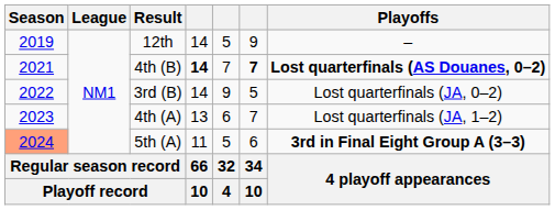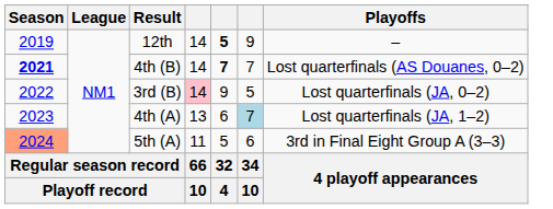 <table class="wikitable" style="text-align:center; font-size:95%;">
 <tr>
 <th>Season</th>
 <th>League</th>
 <th>Result</th>
 <th width="5%"></th>
 <th width="5%"></th>
 <th width="5%"></th>
 <th>Playoffs</th>
 </tr>
 <tr>
 <td><a href='#'>2019</a></td>
 <td rowspan="5"><a href='#'>NM1</a></td>
 <td>12th</td>
 <td>14</td>
-<td>5</td>
+<td><strong>5</strong></td>
 <td>9</td>
 <td>–</td>
 </tr>
 <tr>
-<td><a href='#'>2021</a></td>
+<td><strong><a href='#'>2021</a></strong></td>
 <td>4th (B)</td>
-<td><strong>14</strong></td>
+<td>14</td>
+<td><strong>7</strong></td>
 <td>7</td>
-<td><strong>7</strong></td>
-<td><strong>Lost quarterfinals (<a href='#'>AS Douanes</a>, 0–2)</strong></td>
+<td>Lost quarterfinals (<a href='#'>AS Douanes</a>, 0–2)</td>
 </tr>
 <tr>
 <td><a href='#'>2022</a></td>
 <td>3rd (B)</td>
-<td>14</td>
+<td style="background: pink;">14</td>
 <td>9</td>
 <td>5</td>
 <td>Lost quarterfinals (<a href='#'>JA</a>, 0–2)</td>
 </tr>
 <tr>
 <td><a href='#'>2023</a></td>
 <td>4th (A)</td>
 <td>13</td>
 <td>6</td>
-<td>7</td>
+<td style="background: lightblue;">7</td>
 <td>Lost quarterfinals (<a href='#'>JA</a>, 1–2)</td>
 </tr>
 <tr>
 <td style="background: lightsalmon;"><a href='#'>2024</a></td>
 <td>5th (A)</td>
 <td>11</td>
 <td>5</td>
 <td>6</td>
-<td><strong>3rd in Final Eight Group A (3–3)</strong></td>
+<td>3rd in Final Eight Group A (3–3)</td>
 </tr>
 <tr>
 <th colspan="3">Regular season record</th>
 <th>66</th>
 <th>32</th>
 <th>34</th>
 <th rowspan="2">4 playoff appearances</th>
 </tr>
 <tr>
 <th colspan="3">Playoff record</th>
 <th>10</th>
 <th>4</th>
 <th>10</th>
 </tr>
 </table>
